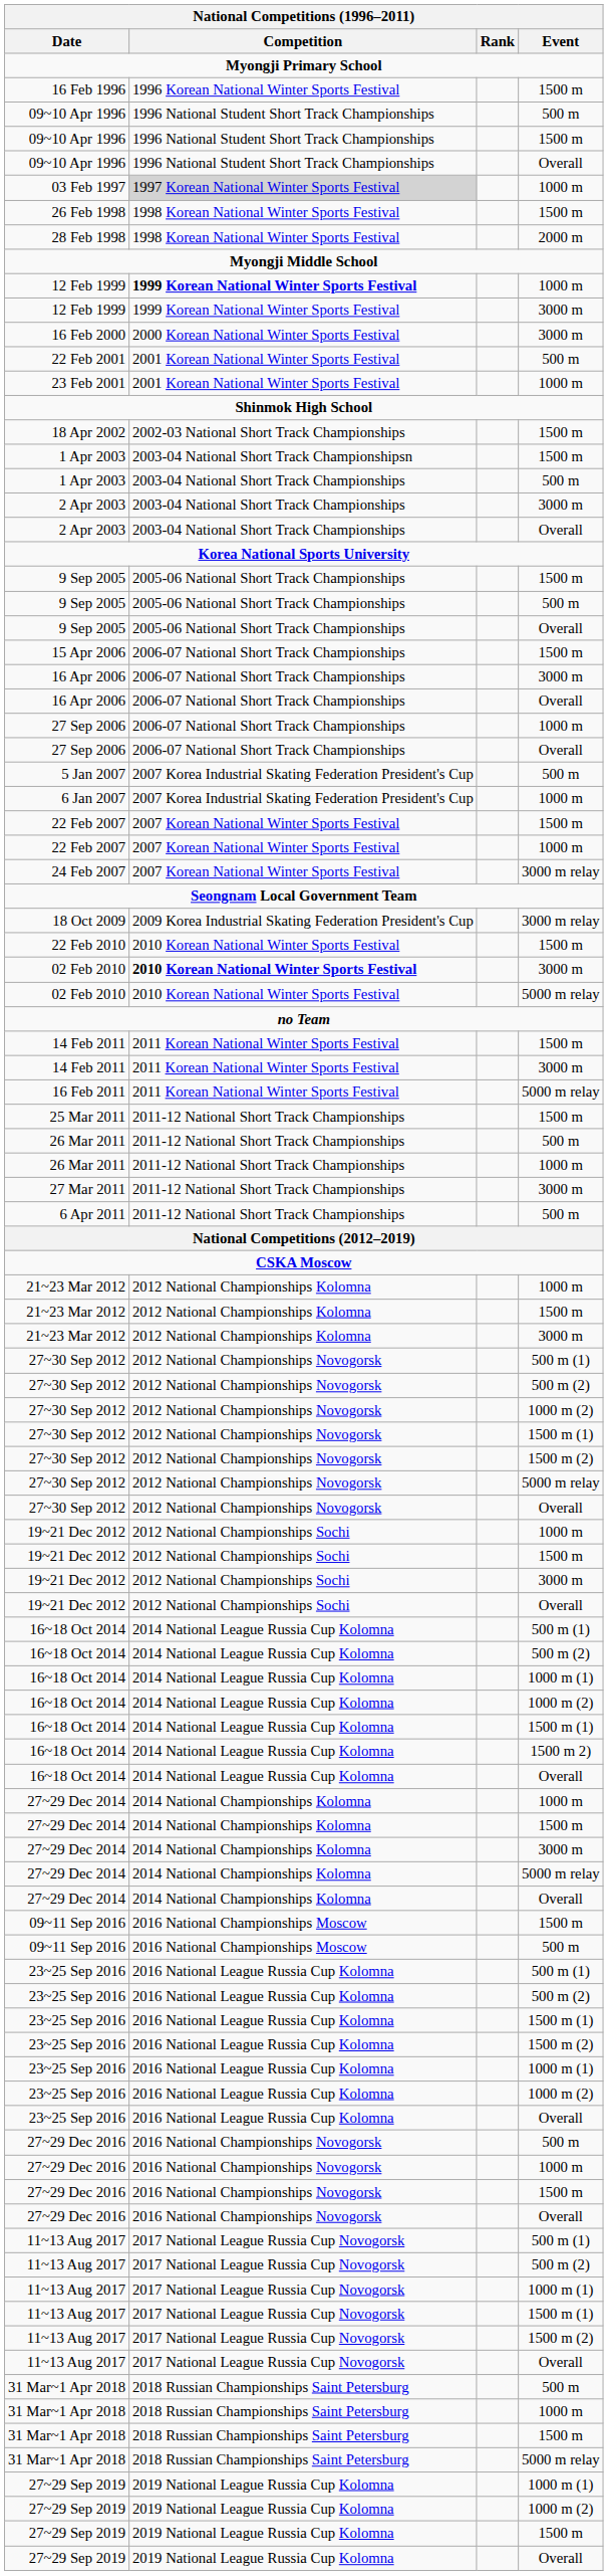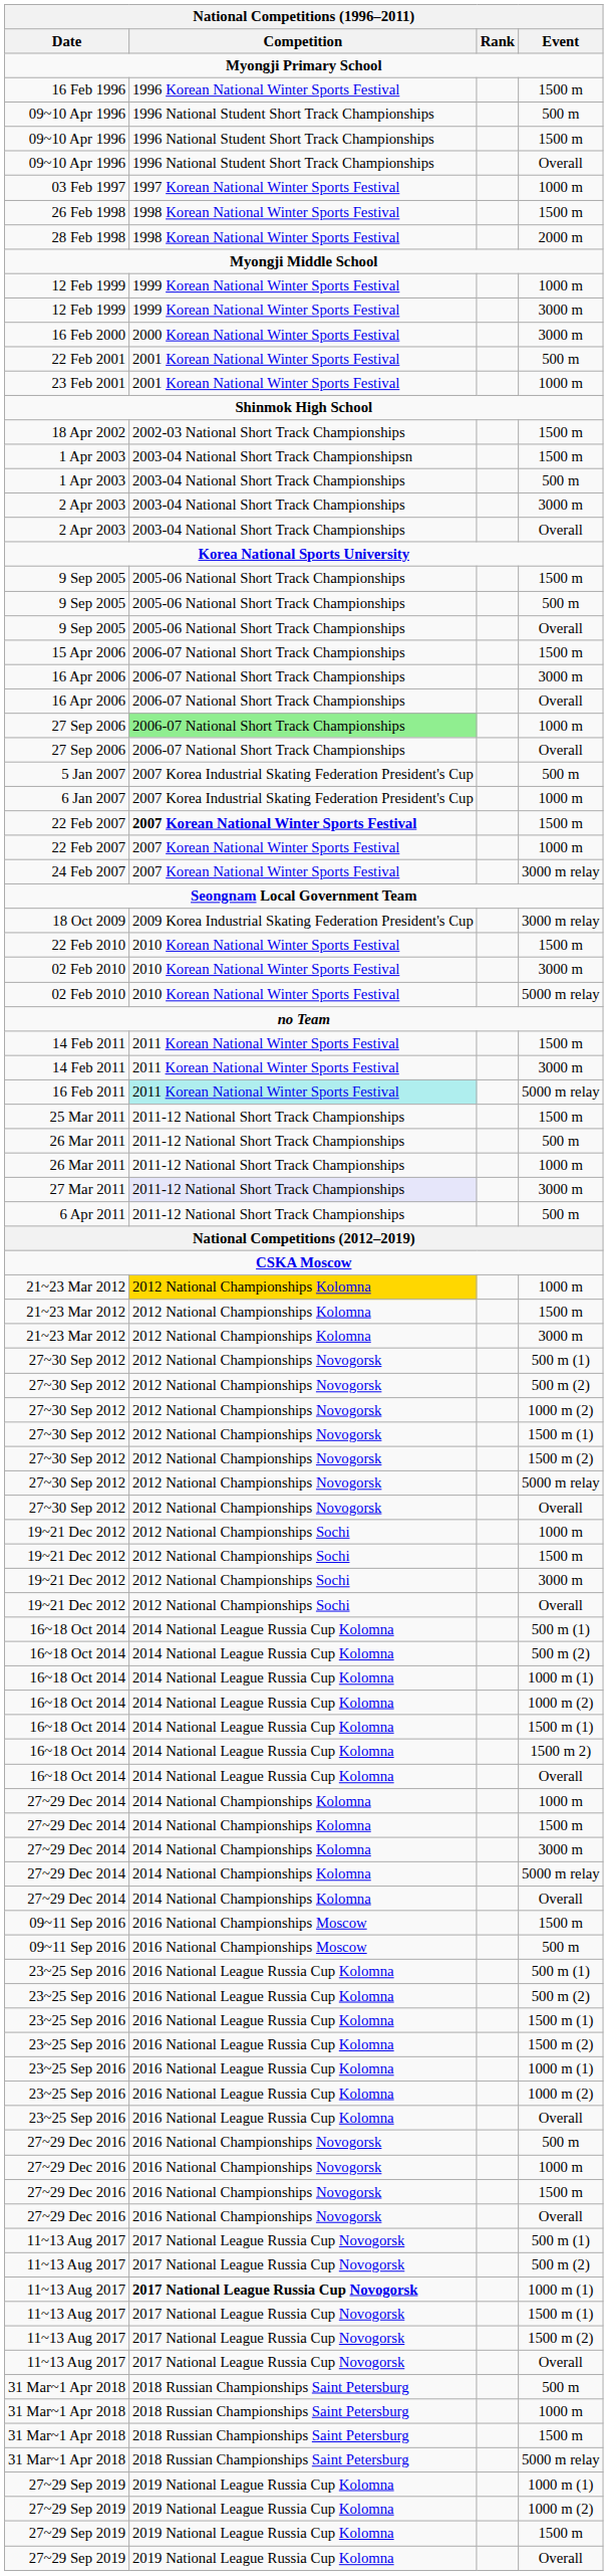 <table class="wikitable" style="font-size: 95%; text-align: center">
 <tr>
 <th colspan="5"> National Competitions (1996–2011)</th>
 </tr>
 <tr>
 <th>Date</th>
 <th>Competition</th>
 <th>Rank</th>
 <th>Event</th>
 </tr>
 <tr>
 <td colspan="6"><strong>Myongji Primary School</strong></td>
 </tr>
 <tr>
 <td align="right">16 Feb 1996</td>
 <td align="left">1996 <a href='#'>Korean National Winter Sports Festival</a></td>
 <td></td>
 <td>1500 m</td>
 </tr>
 <tr>
 <td align="right">09~10 Apr 1996</td>
 <td align="left">1996 National Student Short Track Championships</td>
 <td></td>
 <td>500 m</td>
 </tr>
 <tr>
 <td align="right">09~10 Apr 1996</td>
 <td align="left">1996 National Student Short Track Championships</td>
 <td></td>
 <td>1500 m</td>
 </tr>
 <tr>
 <td align="right">09~10 Apr 1996</td>
 <td align="left">1996 National Student Short Track Championships</td>
 <td></td>
 <td>Overall</td>
 </tr>
 <tr>
 <td align="right">03 Feb 1997</td>
-<td align="left" style="background: lightgrey;">1997 <a href='#'>Korean National Winter Sports Festival</a></td>
+<td align="left">1997 <a href='#'>Korean National Winter Sports Festival</a></td>
 <td></td>
 <td>1000 m</td>
 </tr>
 <tr>
 <td align="right">26 Feb 1998</td>
 <td align="left">1998 <a href='#'>Korean National Winter Sports Festival</a></td>
 <td></td>
 <td>1500 m</td>
 </tr>
 <tr>
 <td align="right">28 Feb 1998</td>
 <td align="left">1998 <a href='#'>Korean National Winter Sports Festival</a></td>
 <td></td>
 <td>2000 m</td>
 </tr>
 <tr>
 <td colspan="6"><strong>Myongji Middle School</strong></td>
 </tr>
 <tr>
 <td align="right">12 Feb 1999</td>
-<td align="left"><strong>1999 <a href='#'>Korean National Winter Sports Festival</a></strong></td>
+<td align="left">1999 <a href='#'>Korean National Winter Sports Festival</a></td>
 <td></td>
 <td>1000 m</td>
 </tr>
 <tr>
 <td align="right">12 Feb 1999</td>
 <td align="left">1999 <a href='#'>Korean National Winter Sports Festival</a></td>
 <td></td>
 <td>3000 m</td>
 </tr>
 <tr>
 <td align="right">16 Feb 2000</td>
 <td align="left">2000 <a href='#'>Korean National Winter Sports Festival</a></td>
 <td></td>
 <td>3000 m</td>
 </tr>
 <tr>
 <td align="right">22 Feb 2001</td>
 <td align="left">2001 <a href='#'>Korean National Winter Sports Festival</a></td>
 <td></td>
 <td>500 m</td>
 </tr>
 <tr>
 <td align="right">23 Feb 2001</td>
 <td align="left">2001 <a href='#'>Korean National Winter Sports Festival</a></td>
 <td></td>
 <td>1000 m</td>
 </tr>
 <tr>
 <td colspan="6"><strong>Shinmok High School</strong></td>
 </tr>
 <tr>
 <td align="right">18 Apr 2002</td>
 <td align="left">2002-03 National Short Track Championships</td>
 <td></td>
 <td>1500 m</td>
 </tr>
 <tr>
 <td align="right">1 Apr 2003</td>
 <td align="left">2003-04 National Short Track Championshipsn</td>
 <td></td>
 <td>1500 m</td>
 </tr>
 <tr>
 <td align="right">1 Apr 2003</td>
 <td align="left">2003-04 National Short Track Championships</td>
 <td></td>
 <td>500 m</td>
 </tr>
 <tr>
 <td align="right">2 Apr 2003</td>
 <td align="left">2003-04 National Short Track Championships</td>
 <td></td>
 <td>3000 m</td>
 </tr>
 <tr>
 <td align="right">2 Apr 2003</td>
 <td align="left">2003-04 National Short Track Championships</td>
 <td></td>
 <td>Overall</td>
 </tr>
 <tr>
 <td colspan="6"><strong><a href='#'>Korea National Sports University</a></strong></td>
 </tr>
 <tr>
 <td align="right">9 Sep 2005</td>
 <td align="left">2005-06 National Short Track Championships</td>
 <td></td>
 <td>1500 m</td>
 </tr>
 <tr>
 <td align="right">9 Sep 2005</td>
 <td align="left">2005-06 National Short Track Championships</td>
 <td></td>
 <td>500 m</td>
 </tr>
 <tr>
 <td align="right">9 Sep 2005</td>
 <td align="left">2005-06 National Short Track Championships</td>
 <td></td>
 <td>Overall</td>
 </tr>
 <tr>
 <td align="right">15 Apr 2006</td>
 <td align="left">2006-07 National Short Track Championships</td>
 <td></td>
 <td>1500 m</td>
 </tr>
 <tr>
 <td align="right">16 Apr 2006</td>
 <td align="left">2006-07 National Short Track Championships</td>
 <td></td>
 <td>3000 m</td>
 </tr>
 <tr>
 <td align="right">16 Apr 2006</td>
 <td align="left">2006-07 National Short Track Championships</td>
 <td></td>
 <td>Overall</td>
 </tr>
 <tr>
 <td align="right">27 Sep 2006</td>
-<td align="left">2006-07 National Short Track Championships</td>
+<td align="left" style="background: lightgreen;">2006-07 National Short Track Championships</td>
 <td></td>
 <td>1000 m</td>
 </tr>
 <tr>
 <td align="right">27 Sep 2006</td>
 <td align="left">2006-07 National Short Track Championships</td>
 <td></td>
 <td>Overall</td>
 </tr>
 <tr>
 <td align="right">5 Jan 2007</td>
 <td align="left">2007 Korea Industrial Skating Federation President's Cup</td>
 <td></td>
 <td>500 m</td>
 </tr>
 <tr>
 <td align="right">6 Jan 2007</td>
 <td align="left">2007 Korea Industrial Skating Federation President's Cup</td>
 <td></td>
 <td>1000 m</td>
 </tr>
 <tr>
 <td align="right">22 Feb 2007</td>
-<td align="left">2007 <a href='#'>Korean National Winter Sports Festival</a></td>
+<td align="left"><strong>2007 <a href='#'>Korean National Winter Sports Festival</a></strong></td>
 <td></td>
 <td>1500 m</td>
 </tr>
 <tr>
 <td align="right">22 Feb 2007</td>
 <td align="left">2007 <a href='#'>Korean National Winter Sports Festival</a></td>
 <td></td>
 <td>1000 m</td>
 </tr>
 <tr>
 <td align="right">24 Feb 2007</td>
 <td align="left">2007 <a href='#'>Korean National Winter Sports Festival</a></td>
 <td></td>
 <td>3000 m relay</td>
 </tr>
 <tr>
 <td colspan="6"><strong><a href='#'>Seongnam</a> Local Government Team</strong></td>
 </tr>
 <tr>
 <td align="right">18 Oct 2009</td>
 <td align="left">2009 Korea Industrial Skating Federation President's Cup</td>
 <td></td>
 <td>3000 m relay</td>
 </tr>
 <tr>
 <td align="right">22 Feb 2010</td>
 <td align="left">2010 <a href='#'>Korean National Winter Sports Festival</a></td>
 <td></td>
 <td>1500 m</td>
 </tr>
 <tr>
 <td align="right">02 Feb 2010</td>
-<td align="left"><strong>2010 <a href='#'>Korean National Winter Sports Festival</a></strong></td>
+<td align="left">2010 <a href='#'>Korean National Winter Sports Festival</a></td>
 <td></td>
 <td>3000 m</td>
 </tr>
 <tr>
 <td align="right">02 Feb 2010</td>
 <td align="left">2010 <a href='#'>Korean National Winter Sports Festival</a></td>
 <td></td>
 <td>5000 m relay</td>
 </tr>
 <tr>
 <td colspan="6"><strong><em>no Team</em></strong></td>
 </tr>
 <tr>
 <td align="right">14 Feb 2011</td>
 <td align="left">2011 <a href='#'>Korean National Winter Sports Festival</a></td>
 <td></td>
 <td>1500 m</td>
 </tr>
 <tr>
 <td align="right">14 Feb 2011</td>
 <td align="left">2011 <a href='#'>Korean National Winter Sports Festival</a></td>
 <td></td>
 <td>3000 m</td>
 </tr>
 <tr>
 <td align="right">16 Feb 2011</td>
-<td align="left">2011 <a href='#'>Korean National Winter Sports Festival</a></td>
+<td align="left" style="background: paleturquoise;">2011 <a href='#'>Korean National Winter Sports Festival</a></td>
 <td></td>
 <td>5000 m relay</td>
 </tr>
 <tr>
 <td align="right">25 Mar 2011</td>
 <td align="left">2011-12 National Short Track Championships</td>
 <td></td>
 <td>1500 m</td>
 </tr>
 <tr>
 <td align="right">26 Mar 2011</td>
 <td align="left">2011-12 National Short Track Championships</td>
 <td></td>
 <td>500 m</td>
 </tr>
 <tr>
 <td align="right">26 Mar 2011</td>
 <td align="left">2011-12 National Short Track Championships</td>
 <td></td>
 <td>1000 m</td>
 </tr>
 <tr>
 <td align="right">27 Mar 2011</td>
-<td align="left">2011-12 National Short Track Championships</td>
+<td align="left" style="background: lavender;">2011-12 National Short Track Championships</td>
 <td></td>
 <td>3000 m</td>
 </tr>
 <tr>
 <td align="right">6 Apr 2011</td>
 <td align="left">2011-12 National Short Track Championships</td>
 <td></td>
 <td>500 m</td>
 </tr>
 <tr>
 <th colspan="6"> National Competitions (2012–2019)</th>
 </tr>
 <tr>
 <td colspan="6"><strong><a href='#'>CSKA Moscow</a></strong></td>
 </tr>
 <tr>
 <td align="right">21~23 Mar 2012</td>
-<td align="left">2012  National Championships <a href='#'>Kolomna</a></td>
+<td align="left" style="background: gold;">2012  National Championships <a href='#'>Kolomna</a></td>
 <td></td>
 <td>1000 m</td>
 </tr>
 <tr>
 <td align="right">21~23 Mar 2012</td>
 <td align="left">2012 National Championships <a href='#'>Kolomna</a></td>
 <td></td>
 <td>1500 m</td>
 </tr>
 <tr>
 <td align="right">21~23 Mar 2012</td>
 <td align="left">2012 National Championships <a href='#'>Kolomna</a></td>
 <td></td>
 <td>3000 m</td>
 </tr>
 <tr>
 <td align="right">27~30 Sep 2012</td>
 <td align="left">2012 National Championships <a href='#'>Novogorsk</a></td>
 <td></td>
 <td>500 m (1)</td>
 </tr>
 <tr>
 <td align="right">27~30 Sep 2012</td>
 <td align="left">2012 National Championships  <a href='#'>Novogorsk</a></td>
 <td></td>
 <td>500 m (2)</td>
 </tr>
 <tr>
 <td align="right">27~30 Sep 2012</td>
 <td align="left">2012 National Championships  <a href='#'>Novogorsk</a></td>
 <td></td>
 <td>1000 m (2)</td>
 </tr>
 <tr>
 <td align="right">27~30 Sep 2012</td>
 <td align="left">2012 National Championships <a href='#'>Novogorsk</a></td>
 <td></td>
 <td>1500 m (1)</td>
 </tr>
 <tr>
 <td align="right">27~30 Sep 2012</td>
 <td align="left">2012 National Championships <a href='#'>Novogorsk</a></td>
 <td></td>
 <td>1500 m (2)</td>
 </tr>
 <tr>
 <td align="right">27~30 Sep 2012</td>
 <td align="left">2012 National Championships <a href='#'>Novogorsk</a></td>
 <td></td>
 <td>5000 m relay</td>
 </tr>
 <tr>
 <td align="right">27~30 Sep 2012</td>
 <td align="left">2012 National Championships <a href='#'>Novogorsk</a></td>
 <td></td>
 <td>Overall</td>
 </tr>
 <tr>
 <td align="right">19~21 Dec 2012</td>
 <td align="left">2012 National Championships <a href='#'>Sochi</a></td>
 <td></td>
 <td>1000 m</td>
 </tr>
 <tr>
 <td align="right">19~21 Dec 2012</td>
 <td align="left">2012 National Championships <a href='#'>Sochi</a></td>
 <td></td>
 <td>1500 m</td>
 </tr>
 <tr>
 <td align="right">19~21 Dec 2012</td>
 <td align="left">2012 National Championships <a href='#'>Sochi</a></td>
 <td></td>
 <td>3000 m</td>
 </tr>
 <tr>
 <td align="right">19~21 Dec 2012</td>
 <td align="left">2012 National Championships <a href='#'>Sochi</a></td>
 <td></td>
 <td>Overall</td>
 </tr>
 <tr>
 <td align="right">16~18 Oct 2014</td>
 <td align="left">2014 National League Russia Cup <a href='#'>Kolomna</a></td>
 <td></td>
 <td>500 m (1)</td>
 </tr>
 <tr>
 <td align="right">16~18 Oct 2014</td>
 <td align="left">2014 National League Russia Cup <a href='#'>Kolomna</a></td>
 <td></td>
 <td>500 m (2)</td>
 </tr>
 <tr>
 <td align="right">16~18 Oct 2014</td>
 <td align="left">2014 National League Russia Cup <a href='#'>Kolomna</a></td>
 <td></td>
 <td>1000 m (1)</td>
 </tr>
 <tr>
 <td align="right">16~18 Oct 2014</td>
 <td align="left">2014 National League Russia Cup <a href='#'>Kolomna</a></td>
 <td></td>
 <td>1000 m (2)</td>
 </tr>
 <tr>
 <td align="right">16~18 Oct 2014</td>
 <td align="left">2014 National League Russia Cup <a href='#'>Kolomna</a></td>
 <td></td>
 <td>1500 m (1)</td>
 </tr>
 <tr>
 <td align="right">16~18 Oct 2014</td>
 <td align="left">2014 National League Russia Cup <a href='#'>Kolomna</a></td>
 <td></td>
 <td>1500 m 2)</td>
 </tr>
 <tr>
 <td align="right">16~18 Oct 2014</td>
 <td align="left">2014 National League Russia Cup <a href='#'>Kolomna</a></td>
 <td></td>
 <td>Overall</td>
 </tr>
 <tr>
 <td align="right">27~29 Dec 2014</td>
 <td align="left">2014 National Championships <a href='#'>Kolomna</a></td>
 <td></td>
 <td>1000 m</td>
 </tr>
 <tr>
 <td align="right">27~29 Dec 2014</td>
 <td align="left">2014 National Championships <a href='#'>Kolomna</a></td>
 <td></td>
 <td>1500 m</td>
 </tr>
 <tr>
 <td align="right">27~29 Dec 2014</td>
 <td align="left">2014 National Championships <a href='#'>Kolomna</a></td>
 <td></td>
 <td>3000 m</td>
 </tr>
 <tr>
 <td align="right">27~29 Dec 2014</td>
 <td align="left">2014 National Championships <a href='#'>Kolomna</a></td>
 <td></td>
 <td>5000 m relay</td>
 </tr>
 <tr>
 <td align="right">27~29 Dec 2014</td>
 <td align="left">2014 National Championships <a href='#'>Kolomna</a></td>
 <td></td>
 <td>Overall</td>
 </tr>
 <tr>
 <td align="right">09~11 Sep 2016</td>
 <td align="left">2016 National Championships <a href='#'>Moscow</a></td>
 <td></td>
 <td>1500 m</td>
 </tr>
 <tr>
 <td align="right">09~11 Sep 2016</td>
 <td align="left">2016 National Championships <a href='#'>Moscow</a></td>
 <td></td>
 <td>500 m</td>
 </tr>
 <tr>
 <td align="right">23~25 Sep 2016</td>
 <td align="left">2016 National League Russia Cup <a href='#'>Kolomna</a></td>
 <td></td>
 <td>500 m (1)</td>
 </tr>
 <tr>
 <td align="right">23~25 Sep 2016</td>
 <td align="left">2016 National League Russia Cup <a href='#'>Kolomna</a></td>
 <td></td>
 <td>500 m (2)</td>
 </tr>
 <tr>
 <td align="right">23~25 Sep 2016</td>
 <td align="left">2016 National League Russia Cup <a href='#'>Kolomna</a></td>
 <td></td>
 <td>1500 m (1)</td>
 </tr>
 <tr>
 <td align="right">23~25 Sep 2016</td>
 <td align="left">2016 National League Russia Cup <a href='#'>Kolomna</a></td>
 <td></td>
 <td>1500 m (2)</td>
 </tr>
 <tr>
 <td align="right">23~25 Sep 2016</td>
 <td align="left">2016 National League Russia Cup <a href='#'>Kolomna</a></td>
 <td></td>
 <td>1000 m (1)</td>
 </tr>
 <tr>
 <td align="right">23~25 Sep 2016</td>
 <td align="left">2016 National League Russia Cup <a href='#'>Kolomna</a></td>
 <td></td>
 <td>1000 m (2)</td>
 </tr>
 <tr>
 <td align="right">23~25 Sep 2016</td>
 <td align="left">2016 National League Russia Cup <a href='#'>Kolomna</a></td>
 <td></td>
 <td>Overall</td>
 </tr>
 <tr>
 <td align="right">27~29 Dec 2016</td>
 <td align="left">2016 National Championships <a href='#'>Novogorsk</a></td>
 <td></td>
 <td>500 m</td>
 </tr>
 <tr>
 <td align="right">27~29 Dec 2016</td>
 <td align="left">2016 National Championships <a href='#'>Novogorsk</a></td>
 <td></td>
 <td>1000 m</td>
 </tr>
 <tr>
 <td align="right">27~29 Dec 2016</td>
 <td align="left">2016 National Championships <a href='#'>Novogorsk</a></td>
 <td></td>
 <td>1500 m</td>
 </tr>
 <tr>
 <td align="right">27~29 Dec 2016</td>
 <td align="left">2016 National Championships <a href='#'>Novogorsk</a></td>
 <td></td>
 <td>Overall</td>
 </tr>
 <tr>
 <td align="right">11~13 Aug 2017</td>
 <td align="left">2017 National League Russia Cup <a href='#'>Novogorsk</a></td>
 <td></td>
 <td>500 m (1)</td>
 </tr>
 <tr>
 <td align="right">11~13 Aug 2017</td>
 <td align="left">2017 National League Russia Cup <a href='#'>Novogorsk</a></td>
 <td></td>
 <td>500 m (2)</td>
 </tr>
 <tr>
 <td align="right">11~13 Aug 2017</td>
-<td align="left">2017 National League Russia Cup <a href='#'>Novogorsk</a></td>
+<td align="left"><strong>2017 National League Russia Cup <a href='#'>Novogorsk</a></strong></td>
 <td></td>
 <td>1000 m (1)</td>
 </tr>
 <tr>
 <td align="right">11~13 Aug 2017</td>
 <td align="left">2017 National League Russia Cup <a href='#'>Novogorsk</a></td>
 <td></td>
 <td>1500 m (1)</td>
 </tr>
 <tr>
 <td align="right">11~13 Aug 2017</td>
 <td align="left">2017 National League Russia Cup <a href='#'>Novogorsk</a></td>
 <td></td>
 <td>1500 m (2)</td>
 </tr>
 <tr>
 <td align="right">11~13 Aug 2017</td>
 <td align="left">2017 National League Russia Cup <a href='#'>Novogorsk</a></td>
 <td></td>
 <td>Overall</td>
 </tr>
 <tr>
 <td align="right">31 Mar~1 Apr 2018</td>
 <td align="left">2018 Russian Championships <a href='#'>Saint Petersburg</a></td>
 <td></td>
 <td>500 m</td>
 </tr>
 <tr>
 <td align="right">31 Mar~1 Apr 2018</td>
 <td align="left">2018 Russian Championships <a href='#'>Saint Petersburg</a></td>
 <td></td>
 <td>1000 m</td>
 </tr>
 <tr>
 <td align="right">31 Mar~1 Apr 2018</td>
 <td align="left">2018 Russian Championships <a href='#'>Saint Petersburg</a></td>
 <td></td>
 <td>1500 m</td>
 </tr>
 <tr>
 <td align="right">31 Mar~1 Apr 2018</td>
 <td align="left">2018 Russian Championships <a href='#'>Saint Petersburg</a></td>
 <td></td>
 <td>5000 m relay</td>
 </tr>
 <tr>
 <td align="right">27~29 Sep 2019</td>
 <td align="left">2019 National League Russia Cup <a href='#'>Kolomna</a></td>
 <td></td>
 <td>1000 m (1)</td>
 </tr>
 <tr>
 <td align="right">27~29 Sep 2019</td>
 <td align="left">2019 National League Russia Cup <a href='#'>Kolomna</a></td>
 <td></td>
 <td>1000 m (2)</td>
 </tr>
 <tr>
 <td align="right">27~29 Sep 2019</td>
 <td align="left">2019 National League Russia Cup <a href='#'>Kolomna</a></td>
 <td></td>
 <td>1500 m</td>
 </tr>
 <tr>
 <td align="right">27~29 Sep 2019</td>
 <td align="left">2019 National League Russia Cup <a href='#'>Kolomna</a></td>
 <td></td>
 <td>Overall</td>
 </tr>
 </table>
